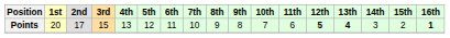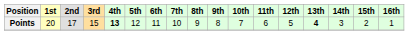 <table class="wikitable" style="font-size:85%; text-align:center">
 <tr>
 <th>Position</th>
 <td style="background:#ffffbf;"> <strong>1st</strong> </td>
 <td style="background:#dfdfdf;"> <strong>2nd</strong> </td>
 <td style="background:#ffdf9f;"> <strong>3rd</strong> </td>
 <td style="background:#dfffdf;"> <strong>4th</strong> </td>
 <td style="background:#dfffdf;"> <strong>5th</strong> </td>
 <td style="background:#dfffdf;"> <strong>6th</strong> </td>
 <td style="background:#dfffdf;"> <strong>7th</strong> </td>
 <td style="background:#dfffdf;"> <strong>8th</strong> </td>
 <td style="background:#dfffdf;"> <strong>9th</strong> </td>
 <td style="background:#dfffdf;"> <strong>10th</strong> </td>
 <td style="background:#dfffdf;"> <strong>11th</strong> </td>
 <td style="background:#dfffdf;"> <strong>12th</strong> </td>
 <td style="background:#dfffdf;"> <strong>13th</strong> </td>
 <td style="background:#dfffdf;"> <strong>14th</strong> </td>
 <td style="background:#dfffdf;"> <strong>15th</strong> </td>
 <td style="background:#dfffdf;"> <strong>16th</strong> </td>
 </tr>
 <tr>
 <th>Points</th>
 <td style="background:#ffffbf;">20</td>
 <td style="background:#dfdfdf;">17</td>
 <td style="background:#ffdf9f;">15</td>
-<td style="background:#dfffdf;">13</td>
+<td style="background:#dfffdf;"><strong>13</strong></td>
 <td style="background:#dfffdf;">12</td>
 <td style="background:#dfffdf;">11</td>
 <td style="background:#dfffdf;">10</td>
 <td style="background:#dfffdf;">9</td>
 <td style="background:#dfffdf;">8</td>
 <td style="background:#dfffdf;">7</td>
 <td style="background:#dfffdf;">6</td>
-<td style="background:#dfffdf;"><strong>5</strong></td>
+<td style="background:#dfffdf;">5</td>
 <td style="background:#dfffdf;"><strong>4</strong></td>
 <td style="background:#dfffdf;">3</td>
 <td style="background:#dfffdf;">2</td>
-<td style="background:#dfffdf;"><strong>1</strong></td>
+<td style="background:#dfffdf;">1</td>
 </tr>
 <tr>
 </tr>
 </table>
